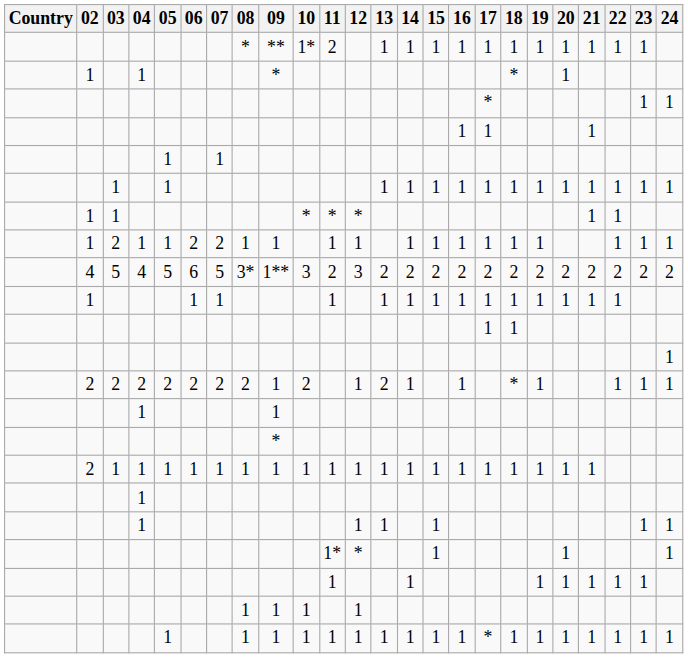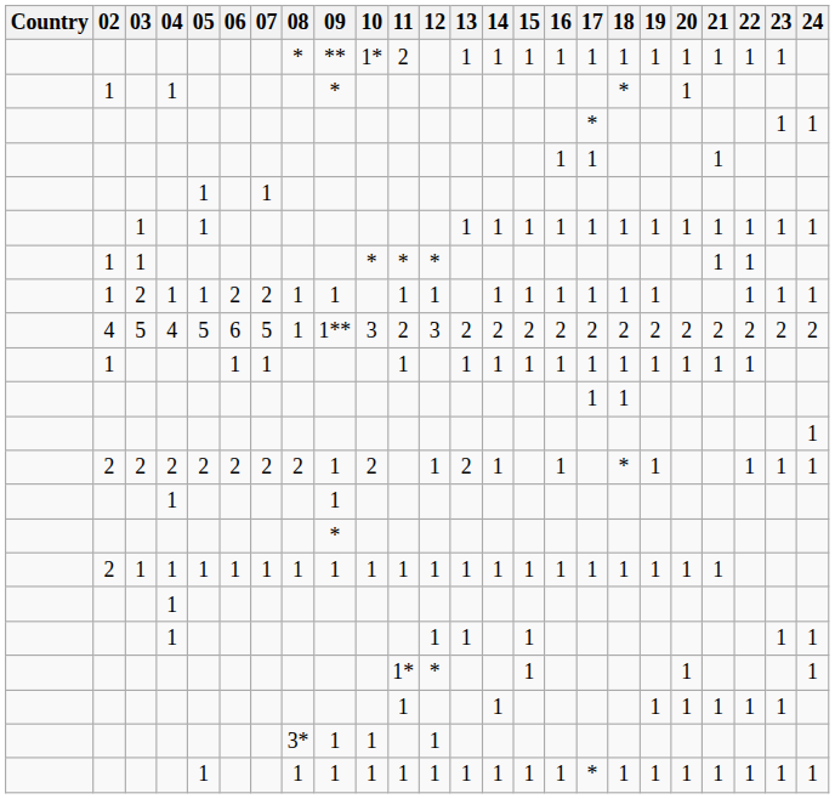 <table class="wikitable" style="text-align:center"; font-size:small">
 <tr class="hintergrundfarbe5">
 <th>Country</th>
 <th>02</th>
 <th>03</th>
 <th>04</th>
 <th>05</th>
 <th>06</th>
 <th>07</th>
 <th>08</th>
 <th>09</th>
 <th>10</th>
 <th>11</th>
 <th>12</th>
 <th>13</th>
 <th>14</th>
 <th>15</th>
 <th>16</th>
 <th>17</th>
 <th>18</th>
 <th>19</th>
 <th>20</th>
 <th>21</th>
 <th>22</th>
 <th>23</th>
 <th>24</th>
 </tr>
 <tr>
 <td align=left></td>
 <td></td>
 <td></td>
 <td></td>
 <td></td>
 <td></td>
 <td></td>
 <td>*</td>
 <td>**</td>
 <td>1*</td>
 <td>2</td>
 <td></td>
 <td>1</td>
 <td>1</td>
 <td>1</td>
 <td>1</td>
 <td>1</td>
 <td>1</td>
 <td>1</td>
 <td>1</td>
 <td>1</td>
 <td>1</td>
 <td>1</td>
 <td></td>
 </tr>
 <tr>
 <td align=left></td>
 <td>1</td>
 <td></td>
 <td>1</td>
 <td></td>
 <td></td>
 <td></td>
 <td></td>
 <td>*</td>
 <td></td>
 <td></td>
 <td></td>
 <td></td>
 <td></td>
 <td></td>
 <td></td>
 <td></td>
 <td>*</td>
 <td></td>
 <td>1</td>
 <td></td>
 <td></td>
 <td></td>
 <td></td>
 </tr>
 <tr>
 <td align=left></td>
 <td></td>
 <td></td>
 <td></td>
 <td></td>
 <td></td>
 <td></td>
 <td></td>
 <td></td>
 <td></td>
 <td></td>
 <td></td>
 <td></td>
 <td></td>
 <td></td>
 <td></td>
 <td>*</td>
 <td></td>
 <td></td>
 <td></td>
 <td></td>
 <td></td>
 <td>1</td>
 <td>1</td>
 </tr>
 <tr>
 <td align=left></td>
 <td></td>
 <td></td>
 <td></td>
 <td></td>
 <td></td>
 <td></td>
 <td></td>
 <td></td>
 <td></td>
 <td></td>
 <td></td>
 <td></td>
 <td></td>
 <td></td>
 <td>1</td>
 <td>1</td>
 <td></td>
 <td></td>
 <td></td>
 <td>1</td>
 <td></td>
 <td></td>
 <td></td>
 </tr>
 <tr>
 <td align=left></td>
 <td></td>
 <td></td>
 <td></td>
 <td>1</td>
 <td></td>
 <td>1</td>
 <td></td>
 <td></td>
 <td></td>
 <td></td>
 <td></td>
 <td></td>
 <td></td>
 <td></td>
 <td></td>
 <td></td>
 <td></td>
 <td></td>
 <td></td>
 <td></td>
 <td></td>
 <td></td>
 <td></td>
 </tr>
 <tr>
 <td align=left></td>
 <td></td>
 <td>1</td>
 <td></td>
 <td>1</td>
 <td></td>
 <td></td>
 <td></td>
 <td></td>
 <td></td>
 <td></td>
 <td></td>
 <td>1</td>
 <td>1</td>
 <td>1</td>
 <td>1</td>
 <td>1</td>
 <td>1</td>
 <td>1</td>
 <td>1</td>
 <td>1</td>
 <td>1</td>
 <td>1</td>
 <td>1</td>
 </tr>
 <tr>
 <td align=left></td>
 <td>1</td>
 <td>1</td>
 <td></td>
 <td></td>
 <td></td>
 <td></td>
 <td></td>
 <td></td>
 <td>*</td>
 <td>*</td>
 <td>*</td>
 <td></td>
 <td></td>
 <td></td>
 <td></td>
 <td></td>
 <td></td>
 <td></td>
 <td></td>
 <td>1</td>
 <td>1</td>
 <td></td>
 <td></td>
 </tr>
 <tr>
 <td align=left></td>
 <td>1</td>
 <td>2</td>
 <td>1</td>
 <td>1</td>
 <td>2</td>
 <td>2</td>
 <td>1</td>
 <td>1</td>
 <td></td>
 <td>1</td>
 <td>1</td>
 <td></td>
 <td>1</td>
 <td>1</td>
 <td>1</td>
 <td>1</td>
 <td>1</td>
 <td>1</td>
 <td></td>
 <td></td>
 <td>1</td>
 <td>1</td>
 <td>1</td>
 </tr>
 <tr>
 <td align=left></td>
 <td>4</td>
 <td>5</td>
 <td>4</td>
 <td>5</td>
 <td>6</td>
 <td>5</td>
-<td>3*</td>
+<td>1</td>
 <td>1**</td>
 <td>3</td>
 <td>2</td>
 <td>3</td>
 <td>2</td>
 <td>2</td>
 <td>2</td>
 <td>2</td>
 <td>2</td>
 <td>2</td>
 <td>2</td>
 <td>2</td>
 <td>2</td>
 <td>2</td>
 <td>2</td>
 <td>2</td>
 </tr>
 <tr>
 <td align=left></td>
 <td>1</td>
 <td></td>
 <td></td>
 <td></td>
 <td>1</td>
 <td>1</td>
 <td></td>
 <td></td>
 <td></td>
 <td>1</td>
 <td></td>
 <td>1</td>
 <td>1</td>
 <td>1</td>
 <td>1</td>
 <td>1</td>
 <td>1</td>
 <td>1</td>
 <td>1</td>
 <td>1</td>
 <td>1</td>
 <td></td>
 <td></td>
 </tr>
 <tr>
 <td align=left></td>
 <td></td>
 <td></td>
 <td></td>
 <td></td>
 <td></td>
 <td></td>
 <td></td>
 <td></td>
 <td></td>
 <td></td>
 <td></td>
 <td></td>
 <td></td>
 <td></td>
 <td></td>
 <td>1</td>
 <td>1</td>
 <td></td>
 <td></td>
 <td></td>
 <td></td>
 <td></td>
 <td></td>
 </tr>
 <tr>
 <td align=left></td>
 <td></td>
 <td></td>
 <td></td>
 <td></td>
 <td></td>
 <td></td>
 <td></td>
 <td></td>
 <td></td>
 <td></td>
 <td></td>
 <td></td>
 <td></td>
 <td></td>
 <td></td>
 <td></td>
 <td></td>
 <td></td>
 <td></td>
 <td></td>
 <td></td>
 <td></td>
 <td>1</td>
 </tr>
 <tr>
 <td align=left></td>
 <td>2</td>
 <td>2</td>
 <td>2</td>
 <td>2</td>
 <td>2</td>
 <td>2</td>
 <td>2</td>
 <td>1</td>
 <td>2</td>
 <td></td>
 <td>1</td>
 <td>2</td>
 <td>1</td>
 <td></td>
 <td>1</td>
 <td></td>
 <td>*</td>
 <td>1</td>
 <td></td>
 <td></td>
 <td>1</td>
 <td>1</td>
 <td>1</td>
 </tr>
 <tr>
 <td align=left></td>
 <td></td>
 <td></td>
 <td>1</td>
 <td></td>
 <td></td>
 <td></td>
 <td></td>
 <td>1</td>
 <td></td>
 <td></td>
 <td></td>
 <td></td>
 <td></td>
 <td></td>
 <td></td>
 <td></td>
 <td></td>
 <td></td>
 <td></td>
 <td></td>
 <td></td>
 <td></td>
 <td></td>
 </tr>
 <tr>
 <td align=left></td>
 <td></td>
 <td></td>
 <td></td>
 <td></td>
 <td></td>
 <td></td>
 <td></td>
 <td>*</td>
 <td></td>
 <td></td>
 <td></td>
 <td></td>
 <td></td>
 <td></td>
 <td></td>
 <td></td>
 <td></td>
 <td></td>
 <td></td>
 <td></td>
 <td></td>
 <td></td>
 <td></td>
 </tr>
 <tr>
 <td align=left></td>
 <td>2</td>
 <td>1</td>
 <td>1</td>
 <td>1</td>
 <td>1</td>
 <td>1</td>
 <td>1</td>
 <td>1</td>
 <td>1</td>
 <td>1</td>
 <td>1</td>
 <td>1</td>
 <td>1</td>
 <td>1</td>
 <td>1</td>
 <td>1</td>
 <td>1</td>
 <td>1</td>
 <td>1</td>
 <td>1</td>
 <td></td>
 <td></td>
 <td></td>
 </tr>
 <tr>
 <td align=left></td>
 <td></td>
 <td></td>
 <td>1</td>
 <td></td>
 <td></td>
 <td></td>
 <td></td>
 <td></td>
 <td></td>
 <td></td>
 <td></td>
 <td></td>
 <td></td>
 <td></td>
 <td></td>
 <td></td>
 <td></td>
 <td></td>
 <td></td>
 <td></td>
 <td></td>
 <td></td>
 <td></td>
 </tr>
 <tr>
 <td align=left></td>
 <td></td>
 <td></td>
 <td>1</td>
 <td></td>
 <td></td>
 <td></td>
 <td></td>
 <td></td>
 <td></td>
 <td></td>
 <td>1</td>
 <td>1</td>
 <td></td>
 <td>1</td>
 <td></td>
 <td></td>
 <td></td>
 <td></td>
 <td></td>
 <td></td>
 <td></td>
 <td>1</td>
 <td>1</td>
 </tr>
 <tr>
 <td align=left></td>
 <td></td>
 <td></td>
 <td></td>
 <td></td>
 <td></td>
 <td></td>
 <td></td>
 <td></td>
 <td></td>
 <td>1*</td>
 <td>*</td>
 <td></td>
 <td></td>
 <td>1</td>
 <td></td>
 <td></td>
 <td></td>
 <td></td>
 <td>1</td>
 <td></td>
 <td></td>
 <td></td>
 <td>1</td>
 </tr>
 <tr>
 <td align=left></td>
 <td></td>
 <td></td>
 <td></td>
 <td></td>
 <td></td>
 <td></td>
 <td></td>
 <td></td>
 <td></td>
 <td>1</td>
 <td></td>
 <td></td>
 <td>1</td>
 <td></td>
 <td></td>
 <td></td>
 <td></td>
 <td>1</td>
 <td>1</td>
 <td>1</td>
 <td>1</td>
 <td>1</td>
 <td></td>
 </tr>
 <tr>
 <td align=left></td>
 <td></td>
 <td></td>
 <td></td>
 <td></td>
 <td></td>
 <td></td>
-<td>1</td>
+<td>3*</td>
 <td>1</td>
 <td>1</td>
 <td></td>
 <td>1</td>
 <td></td>
 <td></td>
 <td></td>
 <td></td>
 <td></td>
 <td></td>
 <td></td>
 <td></td>
 <td></td>
 <td></td>
 <td></td>
 <td></td>
 </tr>
 <tr>
 <td align=left></td>
 <td></td>
 <td></td>
 <td></td>
 <td>1</td>
 <td></td>
 <td></td>
 <td>1</td>
 <td>1</td>
 <td>1</td>
 <td>1</td>
 <td>1</td>
 <td>1</td>
 <td>1</td>
 <td>1</td>
 <td>1</td>
 <td>*</td>
 <td>1</td>
 <td>1</td>
 <td>1</td>
 <td>1</td>
 <td>1</td>
 <td>1</td>
 <td>1</td>
 </tr>
 </table>
